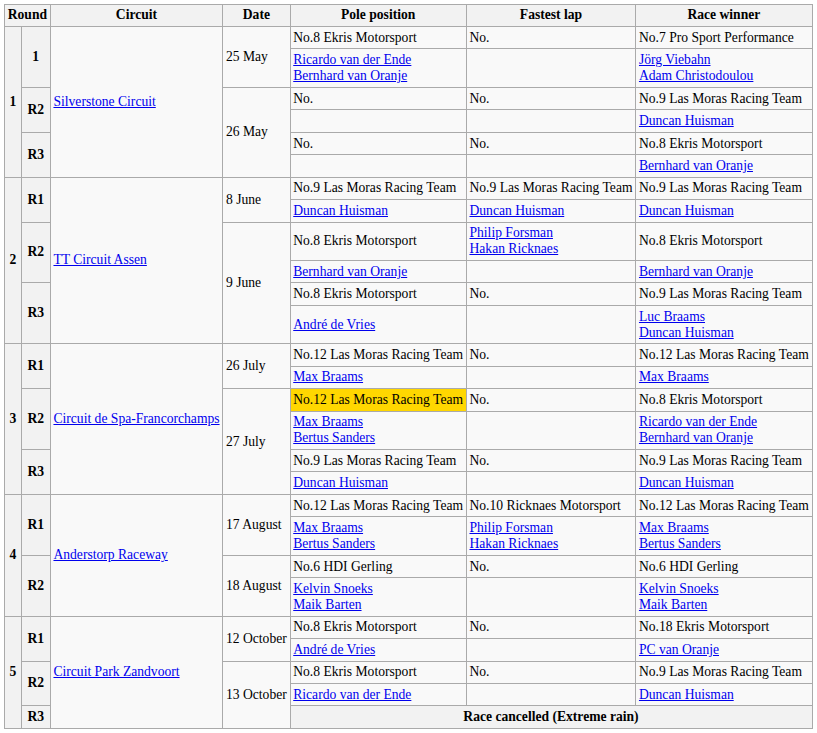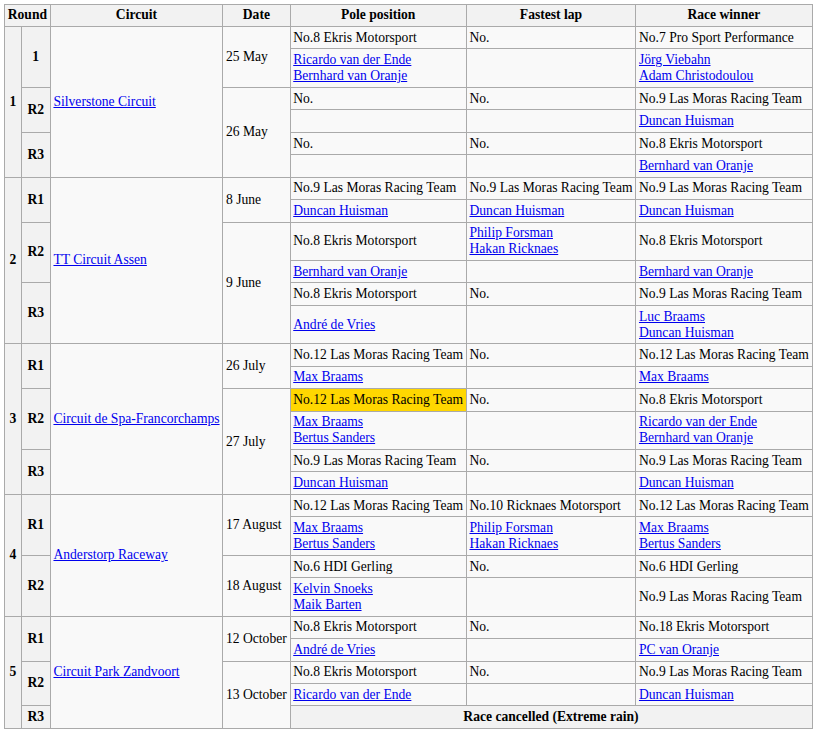 <table class="wikitable"  style="font-size: 85%;">
 <tr>
 <th colspan=2>Round</th>
 <th>Circuit</th>
 <th>Date</th>
 <th>Pole position</th>
 <th>Fastest lap</th>
 <th>Race winner</th>
 </tr>
 <tr>
 <th rowspan=6>1</th>
 <th rowspan=2>1</th>
 <td rowspan=6> <a href='#'>Silverstone Circuit</a></td>
 <td rowspan=2>25 May</td>
 <td>No.8 Ekris Motorsport</td>
 <td>No.</td>
 <td>No.7 Pro Sport Performance</td>
 </tr>
 <tr>
 <td> <a href='#'>Ricardo van der Ende</a><br> <a href='#'>Bernhard van Oranje</a></td>
 <td> <br></td>
 <td> <a href='#'>Jörg Viebahn</a><br> <a href='#'>Adam Christodoulou</a></td>
 </tr>
 <tr>
 <th rowspan=2>R2</th>
 <td rowspan=4>26 May</td>
 <td>No.</td>
 <td>No.</td>
 <td>No.9 Las Moras Racing Team</td>
 </tr>
 <tr>
 <td></td>
 <td></td>
 <td> <a href='#'>Duncan Huisman</a></td>
 </tr>
 <tr>
 <th rowspan=2>R3</th>
 <td>No.</td>
 <td>No.</td>
 <td>No.8 Ekris Motorsport</td>
 </tr>
 <tr>
 <td></td>
 <td></td>
 <td> <a href='#'>Bernhard van Oranje</a></td>
 </tr>
 <tr>
 <th rowspan=6>2</th>
 <th rowspan=2>R1</th>
 <td rowspan=6> <a href='#'>TT Circuit Assen</a></td>
 <td rowspan=2>8 June</td>
 <td>No.9 Las Moras Racing Team</td>
 <td>No.9 Las Moras Racing Team</td>
 <td>No.9 Las Moras Racing Team</td>
 </tr>
 <tr>
 <td> <a href='#'>Duncan Huisman</a></td>
 <td> <a href='#'>Duncan Huisman</a></td>
 <td> <a href='#'>Duncan Huisman</a></td>
 </tr>
 <tr>
 <th rowspan=2>R2</th>
 <td rowspan=4>9 June</td>
 <td>No.8 Ekris Motorsport</td>
 <td> <a href='#'>Philip Forsman</a><br> <a href='#'>Hakan Ricknaes</a></td>
 <td>No.8 Ekris Motorsport</td>
 </tr>
 <tr>
 <td> <a href='#'>Bernhard van Oranje</a></td>
 <td></td>
 <td> <a href='#'>Bernhard van Oranje</a></td>
 </tr>
 <tr>
 <th rowspan=2>R3</th>
 <td>No.8 Ekris Motorsport</td>
 <td>No.</td>
 <td>No.9 Las Moras Racing Team</td>
 </tr>
 <tr>
 <td> <a href='#'>André de Vries</a></td>
 <td> <br></td>
 <td> <a href='#'>Luc Braams</a><br> <a href='#'>Duncan Huisman</a></td>
 </tr>
 <tr>
 <th rowspan=6>3</th>
 <th rowspan=2>R1</th>
 <td rowspan=6> <a href='#'>Circuit de Spa-Francorchamps</a></td>
 <td rowspan=2>26 July</td>
 <td>No.12 Las Moras Racing Team</td>
 <td>No.</td>
 <td>No.12 Las Moras Racing Team</td>
 </tr>
 <tr>
 <td> <a href='#'>Max Braams</a></td>
 <td></td>
 <td> <a href='#'>Max Braams</a></td>
 </tr>
 <tr>
 <th rowspan=2>R2</th>
 <td rowspan=4>27 July</td>
 <td style="background: gold;">No.12 Las Moras Racing Team</td>
 <td>No.</td>
 <td>No.8 Ekris Motorsport</td>
 </tr>
 <tr>
 <td> <a href='#'>Max Braams</a><br> <a href='#'>Bertus Sanders</a></td>
 <td> <br></td>
 <td> <a href='#'>Ricardo van der Ende</a><br> <a href='#'>Bernhard van Oranje</a></td>
 </tr>
 <tr>
 <th rowspan=2>R3</th>
 <td>No.9 Las Moras Racing Team</td>
 <td>No.</td>
 <td>No.9 Las Moras Racing Team</td>
 </tr>
 <tr>
 <td> <a href='#'>Duncan Huisman</a></td>
 <td></td>
 <td> <a href='#'>Duncan Huisman</a></td>
 </tr>
 <tr>
 <th rowspan=4>4</th>
 <th rowspan=2>R1</th>
 <td rowspan=4> <a href='#'>Anderstorp Raceway</a></td>
 <td rowspan=2>17 August</td>
 <td>No.12 Las Moras Racing Team</td>
 <td>No.10 Ricknaes Motorsport</td>
 <td>No.12 Las Moras Racing Team</td>
 </tr>
 <tr>
 <td> <a href='#'>Max Braams</a><br> <a href='#'>Bertus Sanders</a></td>
 <td> <a href='#'>Philip Forsman</a><br> <a href='#'>Hakan Ricknaes</a></td>
 <td> <a href='#'>Max Braams</a><br> <a href='#'>Bertus Sanders</a></td>
 </tr>
 <tr>
 <th rowspan=2>R2</th>
 <td rowspan=2>18 August</td>
 <td>No.6 HDI Gerling</td>
 <td>No.</td>
 <td>No.6 HDI Gerling</td>
 </tr>
 <tr>
 <td> <a href='#'>Kelvin Snoeks</a><br> <a href='#'>Maik Barten</a></td>
 <td> <br></td>
-<td> <a href='#'>Kelvin Snoeks</a><br> <a href='#'>Maik Barten</a></td>
+<td>No.9 Las Moras Racing Team</td>
 </tr>
 <tr>
 <th rowspan=5>5</th>
 <th rowspan=2>R1</th>
 <td rowspan=5> <a href='#'>Circuit Park Zandvoort</a></td>
 <td rowspan=2>12 October</td>
 <td>No.8 Ekris Motorsport</td>
 <td>No.</td>
 <td>No.18 Ekris Motorsport</td>
 </tr>
 <tr>
 <td> <a href='#'>André de Vries</a></td>
 <td></td>
 <td> <a href='#'>PC van Oranje</a></td>
 </tr>
 <tr>
 <th rowspan=2>R2</th>
 <td rowspan=3>13 October</td>
 <td>No.8 Ekris Motorsport</td>
 <td>No.</td>
 <td>No.9 Las Moras Racing Team</td>
 </tr>
 <tr>
 <td> <a href='#'>Ricardo van der Ende</a></td>
 <td></td>
 <td> <a href='#'>Duncan Huisman</a></td>
 </tr>
 <tr>
 <th>R3</th>
 <th colspan=3>Race cancelled (Extreme rain)</th>
 </tr>
 </table>
